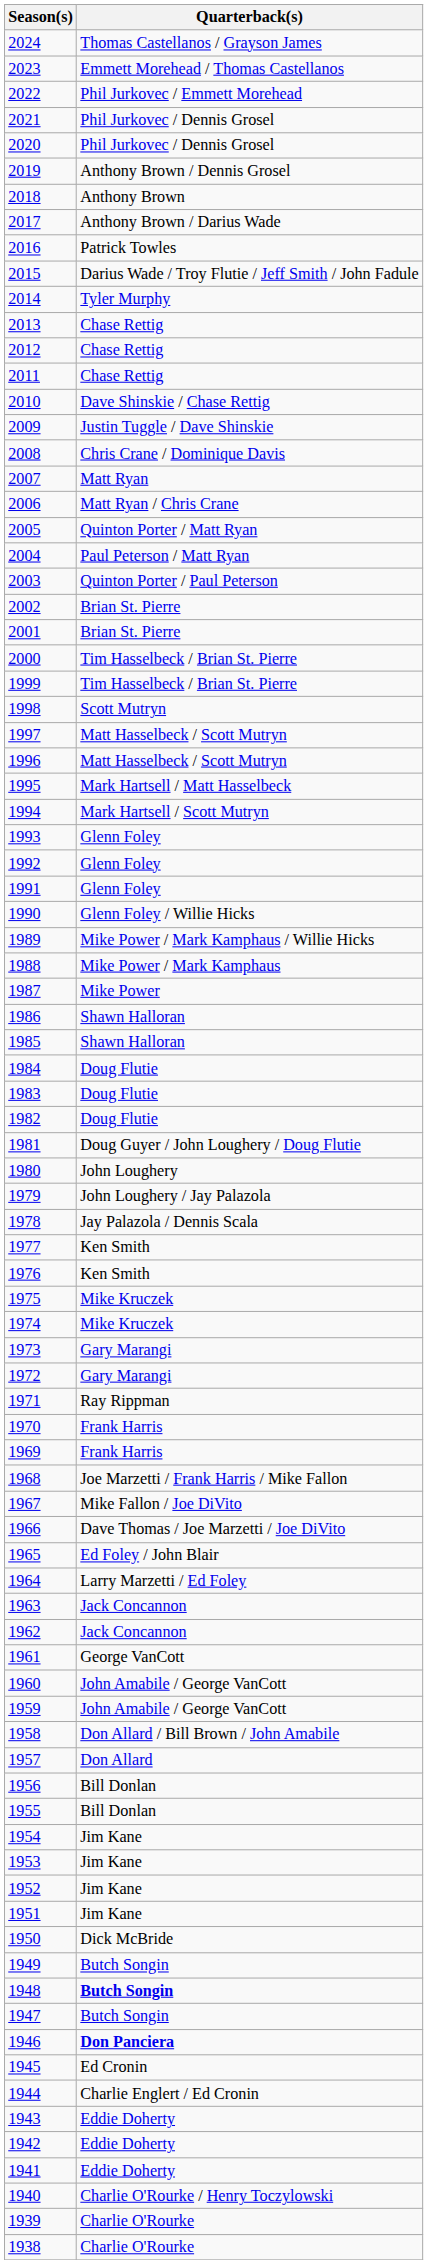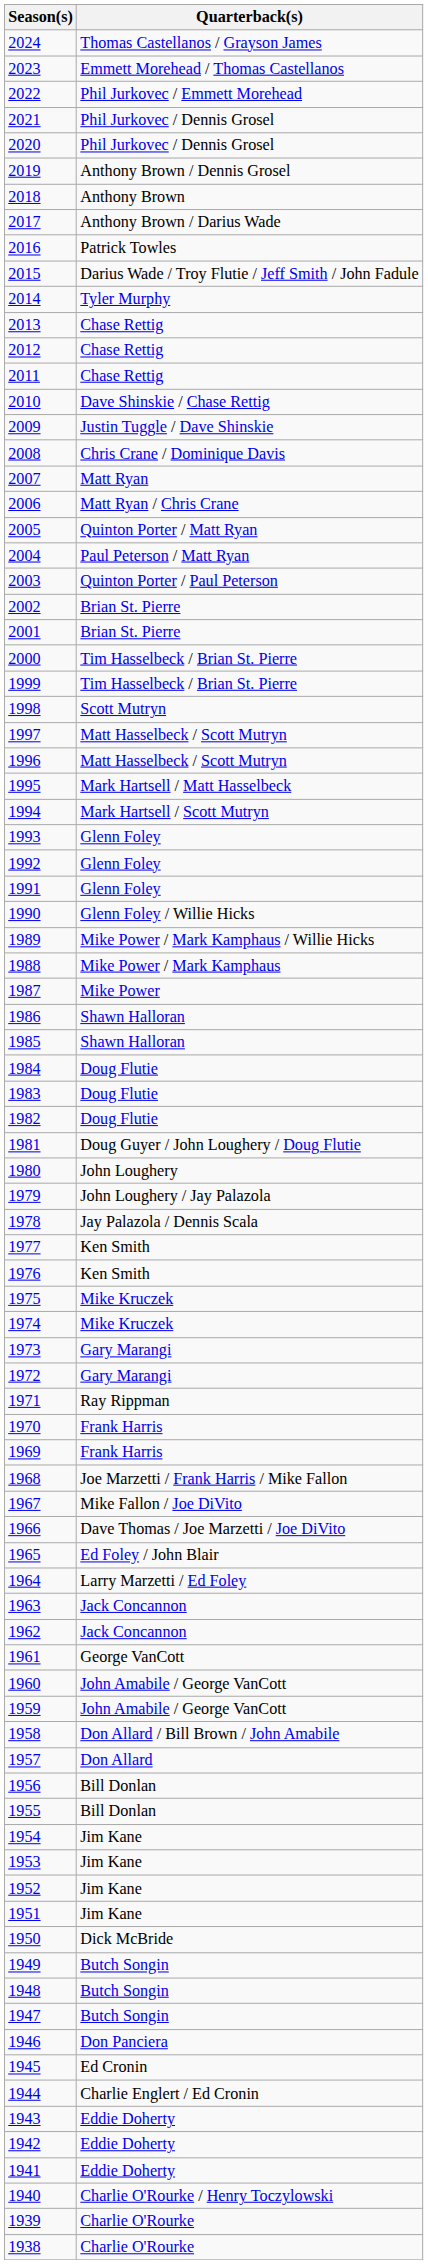 <table class="wikitable sortable">
 <tr>
 <th>Season(s)</th>
 <th>Quarterback(s)</th>
 </tr>
 <tr>
 <td align=left><a href='#'>2024</a></td>
 <td align=left><a href='#'>Thomas Castellanos</a> / <a href='#'>Grayson James</a></td>
 </tr>
 <tr>
 <td align=left><a href='#'>2023</a></td>
 <td align=left><a href='#'>Emmett Morehead</a> / <a href='#'>Thomas Castellanos</a></td>
 </tr>
 <tr>
 <td align=left><a href='#'>2022</a></td>
 <td align=left><a href='#'>Phil Jurkovec</a> / <a href='#'>Emmett Morehead</a></td>
 </tr>
 <tr>
 <td align=left><a href='#'>2021</a></td>
 <td align=left><a href='#'>Phil Jurkovec</a> / Dennis Grosel</td>
 </tr>
 <tr>
 <td align=left><a href='#'>2020</a></td>
 <td align=left><a href='#'>Phil Jurkovec</a> / Dennis Grosel</td>
 </tr>
 <tr>
 <td align=left><a href='#'>2019</a></td>
 <td align=left>Anthony Brown / Dennis Grosel</td>
 </tr>
 <tr>
 <td align=left><a href='#'>2018</a></td>
 <td align=left>Anthony Brown</td>
 </tr>
 <tr>
 <td align=left><a href='#'>2017</a></td>
 <td align=left>Anthony Brown / Darius Wade</td>
 </tr>
 <tr>
 <td align=left><a href='#'>2016</a></td>
 <td align=left>Patrick Towles</td>
 </tr>
 <tr>
 <td align=left><a href='#'>2015</a></td>
 <td align=left>Darius Wade / Troy Flutie / <a href='#'>Jeff Smith</a> / John Fadule</td>
 </tr>
 <tr>
 <td align=left><a href='#'>2014</a></td>
 <td align=left><a href='#'>Tyler Murphy</a></td>
 </tr>
 <tr>
 <td align=left><a href='#'>2013</a></td>
 <td align=left><a href='#'>Chase Rettig</a></td>
 </tr>
 <tr>
 <td align=left><a href='#'>2012</a></td>
 <td align=left><a href='#'>Chase Rettig</a></td>
 </tr>
 <tr>
 <td align=left><a href='#'>2011</a></td>
 <td align=left><a href='#'>Chase Rettig</a></td>
 </tr>
 <tr>
 <td align=left><a href='#'>2010</a></td>
 <td align=left><a href='#'>Dave Shinskie</a> / <a href='#'>Chase Rettig</a></td>
 </tr>
 <tr>
 <td align=left><a href='#'>2009</a></td>
 <td align=left><a href='#'>Justin Tuggle</a> / <a href='#'>Dave Shinskie</a></td>
 </tr>
 <tr>
 <td align=left><a href='#'>2008</a></td>
 <td align=left><a href='#'>Chris Crane</a> / <a href='#'>Dominique Davis</a></td>
 </tr>
 <tr>
 <td align=left><a href='#'>2007</a></td>
 <td align=left><a href='#'>Matt Ryan</a></td>
 </tr>
 <tr>
 <td align=left><a href='#'>2006</a></td>
 <td align=left><a href='#'>Matt Ryan</a> / <a href='#'>Chris Crane</a></td>
 </tr>
 <tr>
 <td align=left><a href='#'>2005</a></td>
 <td align=left><a href='#'>Quinton Porter</a> / <a href='#'>Matt Ryan</a></td>
 </tr>
 <tr>
 <td align=left><a href='#'>2004</a></td>
 <td align=left><a href='#'>Paul Peterson</a> / <a href='#'>Matt Ryan</a></td>
 </tr>
 <tr>
 <td align=left><a href='#'>2003</a></td>
 <td align=left><a href='#'>Quinton Porter</a> / <a href='#'>Paul Peterson</a></td>
 </tr>
 <tr>
 <td align=left><a href='#'>2002</a></td>
 <td align=left><a href='#'>Brian St. Pierre</a></td>
 </tr>
 <tr>
 <td align=left><a href='#'>2001</a></td>
 <td align=left><a href='#'>Brian St. Pierre</a></td>
 </tr>
 <tr>
 <td align=left><a href='#'>2000</a></td>
 <td align=left><a href='#'>Tim Hasselbeck</a> / <a href='#'>Brian St. Pierre</a></td>
 </tr>
 <tr>
 <td align=left><a href='#'>1999</a></td>
 <td align=left><a href='#'>Tim Hasselbeck</a> / <a href='#'>Brian St. Pierre</a></td>
 </tr>
 <tr>
 <td align=left><a href='#'>1998</a></td>
 <td align=left><a href='#'>Scott Mutryn</a></td>
 </tr>
 <tr>
 <td align=left><a href='#'>1997</a></td>
 <td align=left><a href='#'>Matt Hasselbeck</a> / <a href='#'>Scott Mutryn</a></td>
 </tr>
 <tr>
 <td align=left><a href='#'>1996</a></td>
 <td align=left><a href='#'>Matt Hasselbeck</a> / <a href='#'>Scott Mutryn</a></td>
 </tr>
 <tr>
 <td align=left><a href='#'>1995</a></td>
 <td align=left><a href='#'>Mark Hartsell</a> / <a href='#'>Matt Hasselbeck</a></td>
 </tr>
 <tr>
 <td align=left><a href='#'>1994</a></td>
 <td align=left><a href='#'>Mark Hartsell</a> / <a href='#'>Scott Mutryn</a></td>
 </tr>
 <tr>
 <td align=left><a href='#'>1993</a></td>
 <td align=left><a href='#'>Glenn Foley</a></td>
 </tr>
 <tr>
 <td align=left><a href='#'>1992</a></td>
 <td align=left><a href='#'>Glenn Foley</a></td>
 </tr>
 <tr>
 <td align=left><a href='#'>1991</a></td>
 <td align=left><a href='#'>Glenn Foley</a></td>
 </tr>
 <tr>
 <td align=left><a href='#'>1990</a></td>
 <td align=left><a href='#'>Glenn Foley</a> / Willie Hicks</td>
 </tr>
 <tr>
 <td align=left><a href='#'>1989</a></td>
 <td align=left><a href='#'>Mike Power</a> / <a href='#'>Mark Kamphaus</a> / Willie Hicks</td>
 </tr>
 <tr>
 <td align=left><a href='#'>1988</a></td>
 <td align=left><a href='#'>Mike Power</a> / <a href='#'>Mark Kamphaus</a></td>
 </tr>
 <tr>
 <td align=left><a href='#'>1987</a></td>
 <td align=left><a href='#'>Mike Power</a></td>
 </tr>
 <tr>
 <td align=left><a href='#'>1986</a></td>
 <td align=left><a href='#'>Shawn Halloran</a></td>
 </tr>
 <tr>
 <td align=left><a href='#'>1985</a></td>
 <td align=left><a href='#'>Shawn Halloran</a></td>
 </tr>
 <tr>
 <td align=left><a href='#'>1984</a></td>
 <td align=left><a href='#'>Doug Flutie</a></td>
 </tr>
 <tr>
 <td align=left><a href='#'>1983</a></td>
 <td align=left><a href='#'>Doug Flutie</a></td>
 </tr>
 <tr>
 <td align=left><a href='#'>1982</a></td>
 <td align=left><a href='#'>Doug Flutie</a></td>
 </tr>
 <tr>
 <td align=left><a href='#'>1981</a></td>
 <td align=left>Doug Guyer / John Loughery / <a href='#'>Doug Flutie</a></td>
 </tr>
 <tr>
 <td align=left><a href='#'>1980</a></td>
 <td align=left>John Loughery</td>
 </tr>
 <tr>
 <td align=left><a href='#'>1979</a></td>
 <td align=left>John Loughery / Jay Palazola</td>
 </tr>
 <tr>
 <td align=left><a href='#'>1978</a></td>
 <td align=left>Jay Palazola / Dennis Scala</td>
 </tr>
 <tr>
 <td align=left><a href='#'>1977</a></td>
 <td align=left>Ken Smith</td>
 </tr>
 <tr>
 <td align=left><a href='#'>1976</a></td>
 <td align=left>Ken Smith</td>
 </tr>
 <tr>
 <td align=left><a href='#'>1975</a></td>
 <td align=left><a href='#'>Mike Kruczek</a></td>
 </tr>
 <tr>
 <td align=left><a href='#'>1974</a></td>
 <td align=left><a href='#'>Mike Kruczek</a></td>
 </tr>
 <tr>
 <td align=left><a href='#'>1973</a></td>
 <td align=left><a href='#'>Gary Marangi</a></td>
 </tr>
 <tr>
 <td align=left><a href='#'>1972</a></td>
 <td align=left><a href='#'>Gary Marangi</a></td>
 </tr>
 <tr>
 <td align=left><a href='#'>1971</a></td>
 <td align=left>Ray Rippman</td>
 </tr>
 <tr>
 <td align=left><a href='#'>1970</a></td>
 <td align=left><a href='#'>Frank Harris</a></td>
 </tr>
 <tr>
 <td align=left><a href='#'>1969</a></td>
 <td align=left><a href='#'>Frank Harris</a></td>
 </tr>
 <tr>
 <td align=left><a href='#'>1968</a></td>
 <td align=left>Joe Marzetti / <a href='#'>Frank Harris</a> / Mike Fallon</td>
 </tr>
 <tr>
 <td align=left><a href='#'>1967</a></td>
 <td align=left>Mike Fallon / <a href='#'>Joe DiVito</a></td>
 </tr>
 <tr>
 <td align=left><a href='#'>1966</a></td>
 <td align=left>Dave Thomas / Joe Marzetti / <a href='#'>Joe DiVito</a></td>
 </tr>
 <tr>
 <td align=left><a href='#'>1965</a></td>
 <td align=left><a href='#'>Ed Foley</a> / John Blair</td>
 </tr>
 <tr>
 <td align=left><a href='#'>1964</a></td>
 <td align=left>Larry Marzetti / <a href='#'>Ed Foley</a></td>
 </tr>
 <tr>
 <td align=left><a href='#'>1963</a></td>
 <td align=left><a href='#'>Jack Concannon</a></td>
 </tr>
 <tr>
 <td align=left><a href='#'>1962</a></td>
 <td align=left><a href='#'>Jack Concannon</a></td>
 </tr>
 <tr>
 <td align=left><a href='#'>1961</a></td>
 <td align=left>George VanCott</td>
 </tr>
 <tr>
 <td align=left><a href='#'>1960</a></td>
 <td align=left><a href='#'>John Amabile</a> / George VanCott</td>
 </tr>
 <tr>
 <td align=left><a href='#'>1959</a></td>
 <td align=left><a href='#'>John Amabile</a> / George VanCott</td>
 </tr>
 <tr>
 <td align=left><a href='#'>1958</a></td>
 <td align=left><a href='#'>Don Allard</a> / Bill Brown / <a href='#'>John Amabile</a></td>
 </tr>
 <tr>
 <td align=left><a href='#'>1957</a></td>
 <td align=left><a href='#'>Don Allard</a></td>
 </tr>
 <tr>
 <td align=left><a href='#'>1956</a></td>
 <td align=left>Bill Donlan</td>
 </tr>
 <tr>
 <td align=left><a href='#'>1955</a></td>
 <td align=left>Bill Donlan</td>
 </tr>
 <tr>
 <td align=left><a href='#'>1954</a></td>
 <td align=left>Jim Kane</td>
 </tr>
 <tr>
 <td align=left><a href='#'>1953</a></td>
 <td align=left>Jim Kane</td>
 </tr>
 <tr>
 <td align=left><a href='#'>1952</a></td>
 <td align=left>Jim Kane</td>
 </tr>
 <tr>
 <td align=left><a href='#'>1951</a></td>
 <td align=left>Jim Kane</td>
 </tr>
 <tr>
 <td align=left><a href='#'>1950</a></td>
 <td align=left>Dick McBride</td>
 </tr>
 <tr>
 <td align=left><a href='#'>1949</a></td>
 <td align=left><a href='#'>Butch Songin</a></td>
 </tr>
 <tr>
 <td align=left><a href='#'>1948</a></td>
-<td align=left><strong><a href='#'>Butch Songin</a></strong></td>
+<td align=left><a href='#'>Butch Songin</a></td>
 </tr>
 <tr>
 <td align=left><a href='#'>1947</a></td>
 <td align=left><a href='#'>Butch Songin</a></td>
 </tr>
 <tr>
 <td align=left><a href='#'>1946</a></td>
-<td align=left><strong><a href='#'>Don Panciera</a></strong></td>
+<td align=left><a href='#'>Don Panciera</a></td>
 </tr>
 <tr>
 <td align=left><a href='#'>1945</a></td>
 <td align=left>Ed Cronin</td>
 </tr>
 <tr>
 <td align=left><a href='#'>1944</a></td>
 <td align=left>Charlie Englert / Ed Cronin</td>
 </tr>
 <tr>
 <td align=left><a href='#'>1943</a></td>
 <td align=left><a href='#'>Eddie Doherty</a></td>
 </tr>
 <tr>
 <td align=left><a href='#'>1942</a></td>
 <td align=left><a href='#'>Eddie Doherty</a></td>
 </tr>
 <tr>
 <td align=left><a href='#'>1941</a></td>
 <td align=left><a href='#'>Eddie Doherty</a></td>
 </tr>
 <tr>
 <td align=left><a href='#'>1940</a></td>
 <td align=left><a href='#'>Charlie O'Rourke</a> / <a href='#'>Henry Toczylowski</a></td>
 </tr>
 <tr>
 <td align=left><a href='#'>1939</a></td>
 <td align=left><a href='#'>Charlie O'Rourke</a></td>
 </tr>
 <tr>
 <td align=left><a href='#'>1938</a></td>
 <td align=left><a href='#'>Charlie O'Rourke</a></td>
 </tr>
 </table>
